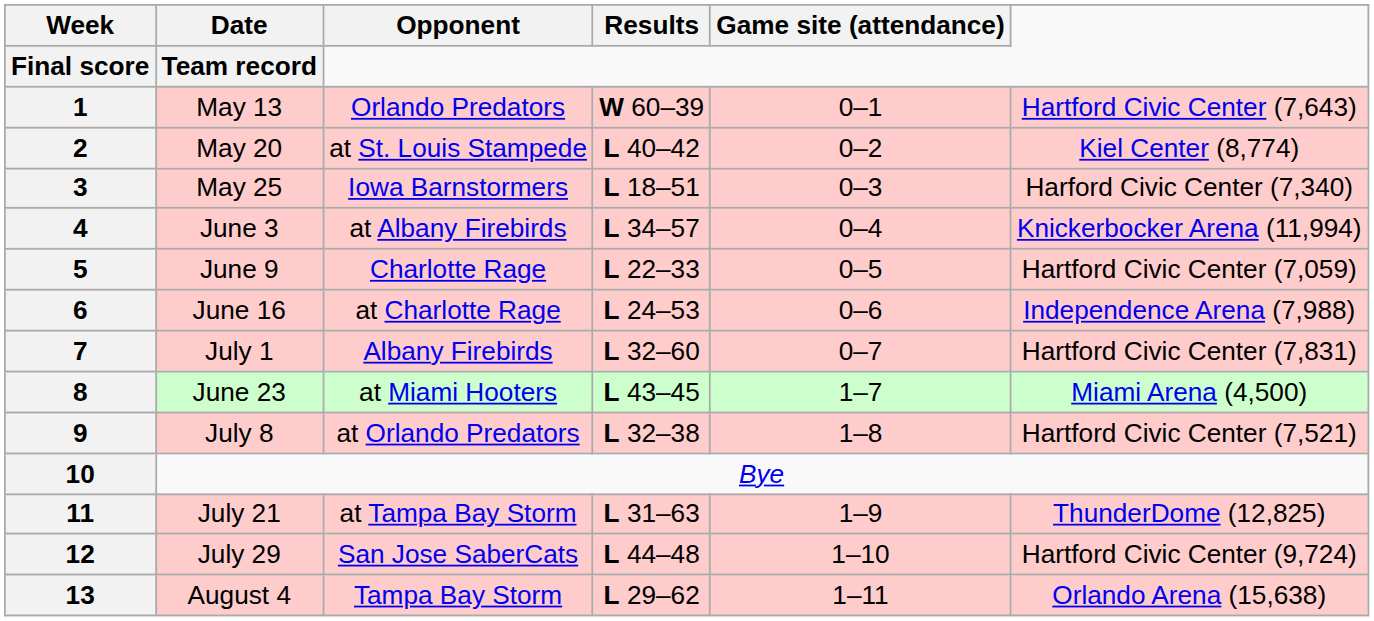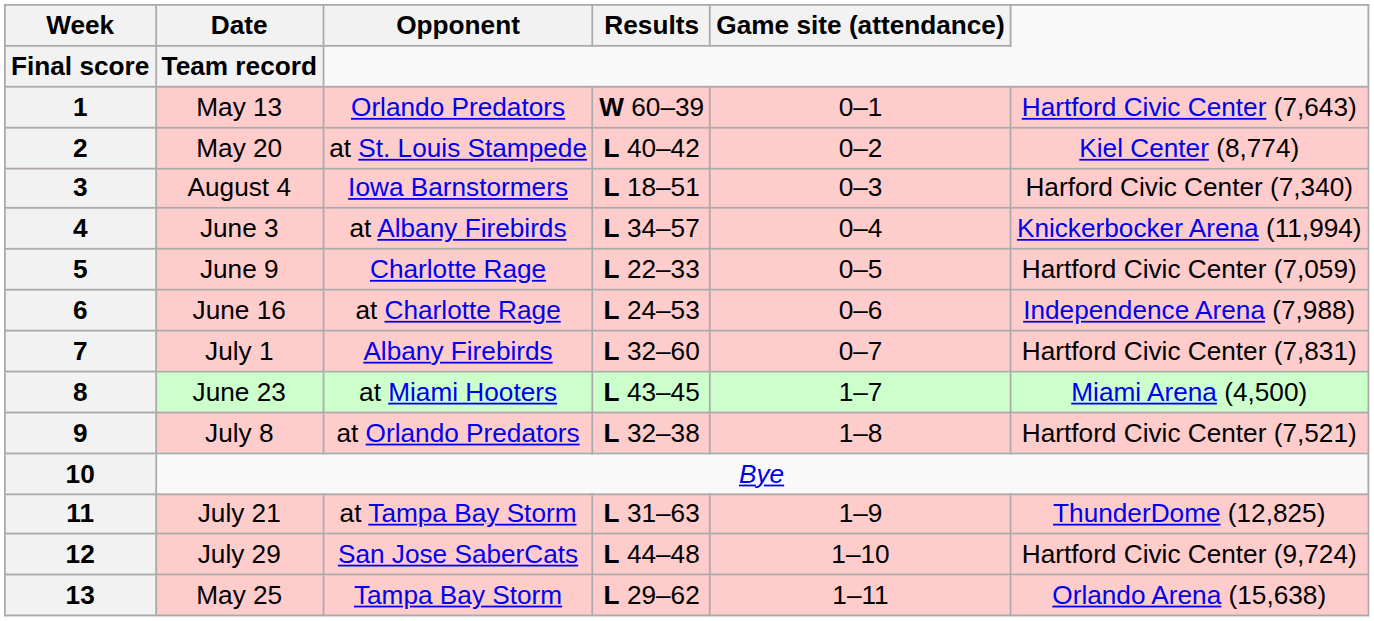 <table class="wikitable" style="font-size: 92%;" "align=center">
 <tr>
 <th>Week</th>
 <th>Date</th>
 <th>Opponent</th>
 <th>Results</th>
 <th>Game site (attendance)</th>
 </tr>
 <tr>
 <th>Final score</th>
 <th>Team record</th>
 </tr>
 <tr style="background:#fcc">
 <th>1</th>
 <td style="text-align:center;">May 13</td>
 <td style="text-align:center;"><a href='#'>Orlando Predators</a></td>
 <td style="text-align:center;"><strong>W</strong> 60–39</td>
 <td style="text-align:center;">0–1</td>
 <td style="text-align:center;"><a href='#'>Hartford Civic Center</a> (7,643)</td>
 </tr>
 <tr style="background:#fcc">
 <th>2</th>
 <td style="text-align:center;">May 20</td>
 <td style="text-align:center;">at <a href='#'>St. Louis Stampede</a></td>
 <td style="text-align:center;"><strong>L</strong> 40–42</td>
 <td style="text-align:center;">0–2</td>
 <td style="text-align:center;"><a href='#'>Kiel Center</a> (8,774)</td>
 </tr>
 <tr style="background:#fcc">
 <th>3</th>
-<td style="text-align:center;">May 25</td>
+<td style="text-align:center;">August 4</td>
 <td style="text-align:center;"><a href='#'>Iowa Barnstormers</a></td>
 <td style="text-align:center;"><strong>L</strong> 18–51</td>
 <td style="text-align:center;">0–3</td>
 <td style="text-align:center;">Harford Civic Center (7,340)</td>
 </tr>
 <tr style="background:#fcc">
 <th>4</th>
 <td style="text-align:center;">June 3</td>
 <td style="text-align:center;">at <a href='#'>Albany Firebirds</a></td>
 <td style="text-align:center;"><strong>L</strong> 34–57</td>
 <td style="text-align:center;">0–4</td>
 <td style="text-align:center;"><a href='#'>Knickerbocker Arena</a> (11,994)</td>
 </tr>
 <tr style="background:#fcc">
 <th>5</th>
 <td style="text-align:center;">June 9</td>
 <td style="text-align:center;"><a href='#'>Charlotte Rage</a></td>
 <td style="text-align:center;"><strong>L</strong> 22–33</td>
 <td style="text-align:center;">0–5</td>
 <td style="text-align:center;">Hartford Civic Center (7,059)</td>
 </tr>
 <tr style="background:#fcc">
 <th>6</th>
 <td style="text-align:center;">June 16</td>
 <td style="text-align:center;">at <a href='#'>Charlotte Rage</a></td>
 <td style="text-align:center;"><strong>L</strong> 24–53</td>
 <td style="text-align:center;">0–6</td>
 <td style="text-align:center;"><a href='#'>Independence Arena</a> (7,988)</td>
 </tr>
 <tr style="background:#fcc">
 <th>7</th>
 <td style="text-align:center;">July 1</td>
 <td style="text-align:center;"><a href='#'>Albany Firebirds</a></td>
 <td style="text-align:center;"><strong>L</strong> 32–60</td>
 <td style="text-align:center;">0–7</td>
 <td style="text-align:center;">Hartford Civic Center (7,831)</td>
 </tr>
 <tr style="background:#cfc">
 <th>8</th>
 <td style="text-align:center;">June 23</td>
 <td style="text-align:center;">at <a href='#'>Miami Hooters</a></td>
 <td style="text-align:center;"><strong>L</strong> 43–45</td>
 <td style="text-align:center;">1–7</td>
 <td style="text-align:center;"><a href='#'>Miami Arena</a> (4,500)</td>
 </tr>
 <tr style="background:#fcc">
 <th>9</th>
 <td style="text-align:center;">July 8</td>
 <td style="text-align:center;">at <a href='#'>Orlando Predators</a></td>
 <td style="text-align:center;"><strong>L</strong> 32–38</td>
 <td style="text-align:center;">1–8</td>
 <td style="text-align:center;">Hartford Civic Center (7,521)</td>
 </tr>
 <tr style=>
 <th>10</th>
 <td colspan="8" style="text-align:center;"><em><a href='#'>Bye</a></em></td>
 </tr>
 <tr style="background:#fcc">
 <th>11</th>
 <td style="text-align:center;">July 21</td>
 <td style="text-align:center;">at <a href='#'>Tampa Bay Storm</a></td>
 <td style="text-align:center;"><strong>L</strong> 31–63</td>
 <td style="text-align:center;">1–9</td>
 <td style="text-align:center;"><a href='#'>ThunderDome</a> (12,825)</td>
 </tr>
 <tr style="background:#fcc">
 <th>12</th>
 <td style="text-align:center;">July 29</td>
 <td style="text-align:center;"><a href='#'>San Jose SaberCats</a></td>
 <td style="text-align:center;"><strong>L</strong> 44–48</td>
 <td style="text-align:center;">1–10</td>
 <td style="text-align:center;">Hartford Civic Center (9,724)</td>
 </tr>
 <tr style="background:#fcc">
 <th>13</th>
-<td style="text-align:center;">August 4</td>
+<td style="text-align:center;">May 25</td>
 <td style="text-align:center;"><a href='#'>Tampa Bay Storm</a></td>
 <td style="text-align:center;"><strong>L</strong> 29–62</td>
 <td style="text-align:center;">1–11</td>
 <td style="text-align:center;"><a href='#'>Orlando Arena</a> (15,638)</td>
 </tr>
 </table>
